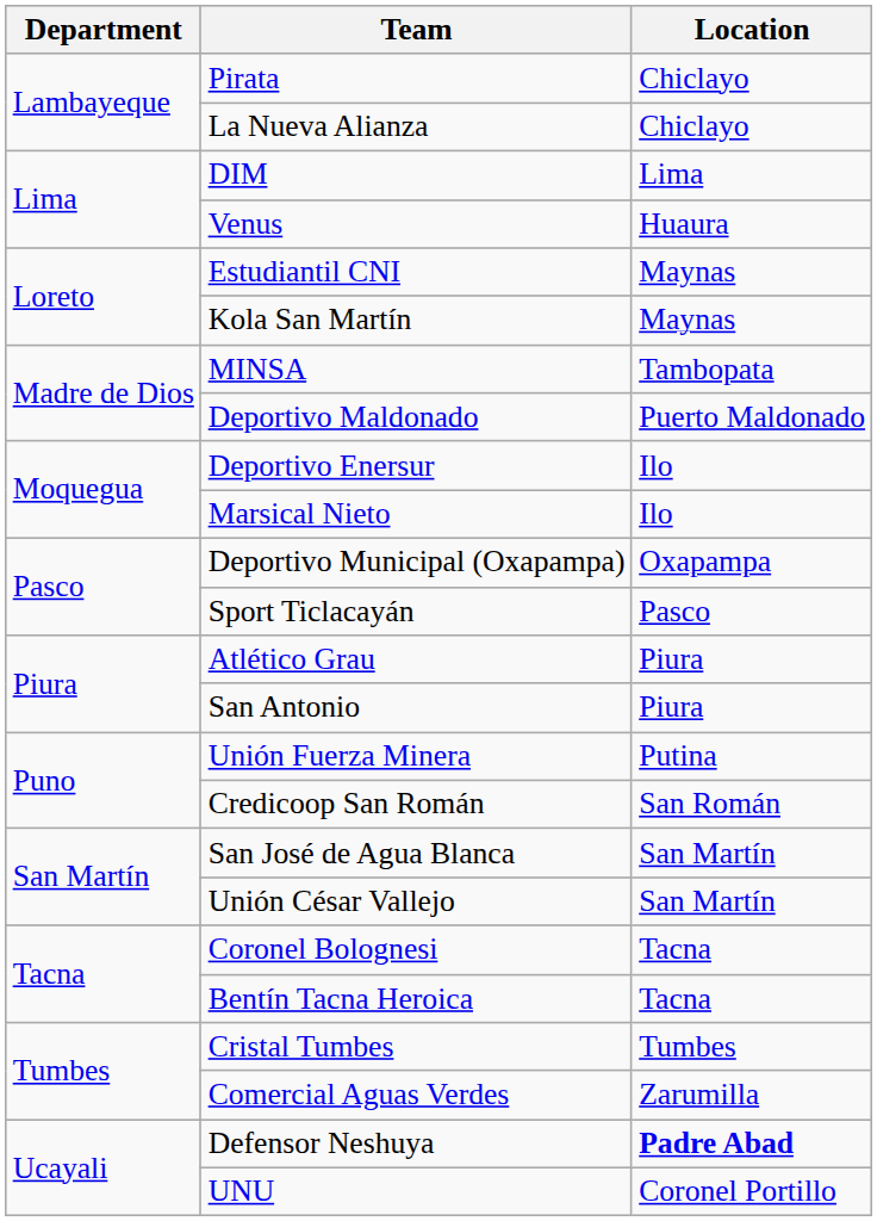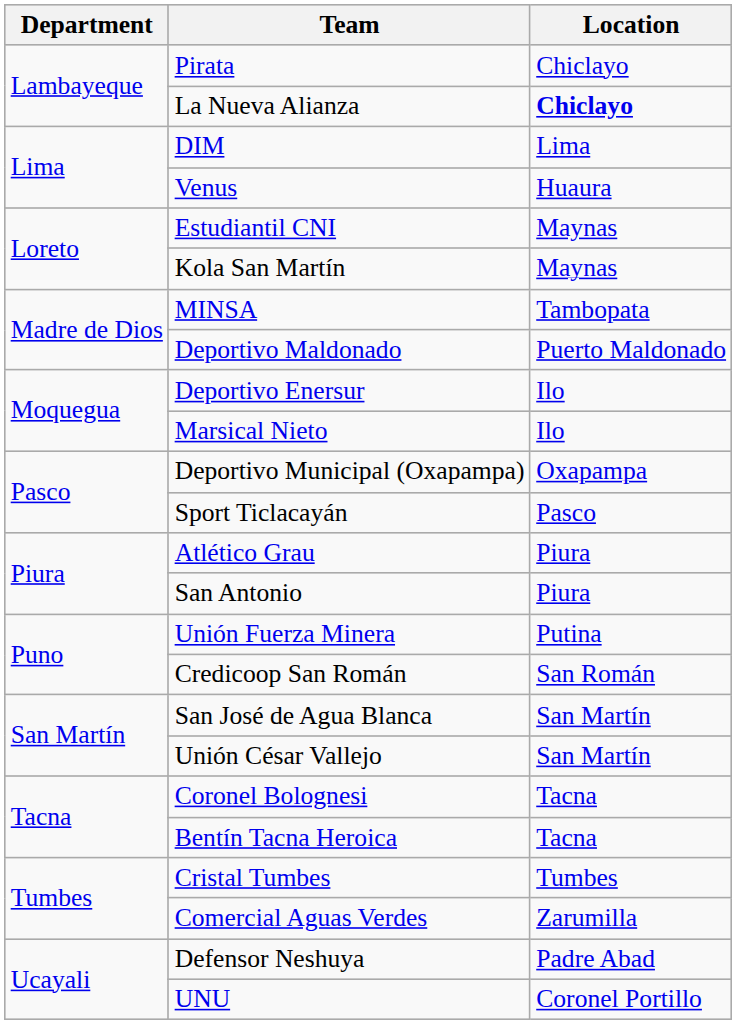 <table class="wikitable">
 <tr>
 <th>Department</th>
 <th>Team</th>
 <th>Location</th>
 </tr>
 <tr>
 <td rowspan="2"><a href='#'>Lambayeque</a></td>
 <td><a href='#'>Pirata</a></td>
 <td><a href='#'>Chiclayo</a></td>
 </tr>
 <tr>
 <td>La Nueva Alianza</td>
-<td><a href='#'>Chiclayo</a></td>
+<td><strong><a href='#'>Chiclayo</a></strong></td>
 </tr>
 <tr>
 <td rowspan="2"><a href='#'>Lima</a></td>
 <td><a href='#'>DIM</a></td>
 <td><a href='#'>Lima</a></td>
 </tr>
 <tr>
 <td><a href='#'>Venus</a></td>
 <td><a href='#'>Huaura</a></td>
 </tr>
 <tr>
 <td rowspan="2"><a href='#'>Loreto</a></td>
 <td><a href='#'>Estudiantil CNI</a></td>
 <td><a href='#'>Maynas</a></td>
 </tr>
 <tr>
 <td>Kola San Martín</td>
 <td><a href='#'>Maynas</a></td>
 </tr>
 <tr>
 <td rowspan="2"><a href='#'>Madre de Dios</a></td>
 <td><a href='#'>MINSA</a></td>
 <td><a href='#'>Tambopata</a></td>
 </tr>
 <tr>
 <td><a href='#'>Deportivo Maldonado</a></td>
 <td><a href='#'>Puerto Maldonado</a></td>
 </tr>
 <tr>
 <td rowspan="2"><a href='#'>Moquegua</a></td>
 <td><a href='#'>Deportivo Enersur</a></td>
 <td><a href='#'>Ilo</a></td>
 </tr>
 <tr>
 <td><a href='#'>Marsical Nieto</a></td>
 <td><a href='#'>Ilo</a></td>
 </tr>
 <tr>
 <td rowspan="2"><a href='#'>Pasco</a></td>
 <td>Deportivo Municipal (Oxapampa)</td>
 <td><a href='#'>Oxapampa</a></td>
 </tr>
 <tr>
 <td>Sport Ticlacayán</td>
 <td><a href='#'>Pasco</a></td>
 </tr>
 <tr>
 <td rowspan="2"><a href='#'>Piura</a></td>
 <td><a href='#'>Atlético Grau</a></td>
 <td><a href='#'>Piura</a></td>
 </tr>
 <tr>
 <td>San Antonio</td>
 <td><a href='#'>Piura</a></td>
 </tr>
 <tr>
 <td rowspan="2"><a href='#'>Puno</a></td>
 <td><a href='#'>Unión Fuerza Minera</a></td>
 <td><a href='#'>Putina</a></td>
 </tr>
 <tr>
 <td>Credicoop San Román</td>
 <td><a href='#'>San Román</a></td>
 </tr>
 <tr>
 <td rowspan="2"><a href='#'>San Martín</a></td>
 <td>San José de Agua Blanca</td>
 <td><a href='#'>San Martín</a></td>
 </tr>
 <tr>
 <td>Unión César Vallejo</td>
 <td><a href='#'>San Martín</a></td>
 </tr>
 <tr>
 <td rowspan="2"><a href='#'>Tacna</a></td>
 <td><a href='#'>Coronel Bolognesi</a></td>
 <td><a href='#'>Tacna</a></td>
 </tr>
 <tr>
 <td><a href='#'>Bentín Tacna Heroica</a></td>
 <td><a href='#'>Tacna</a></td>
 </tr>
 <tr>
 <td rowspan="2"><a href='#'>Tumbes</a></td>
 <td><a href='#'>Cristal Tumbes</a></td>
 <td><a href='#'>Tumbes</a></td>
 </tr>
 <tr>
 <td><a href='#'>Comercial Aguas Verdes</a></td>
 <td><a href='#'>Zarumilla</a></td>
 </tr>
 <tr>
 <td rowspan="2"><a href='#'>Ucayali</a></td>
 <td>Defensor Neshuya</td>
-<td><strong><a href='#'>Padre Abad</a></strong></td>
+<td><a href='#'>Padre Abad</a></td>
 </tr>
 <tr>
 <td><a href='#'>UNU</a></td>
 <td><a href='#'>Coronel Portillo</a></td>
 </tr>
 </table>
